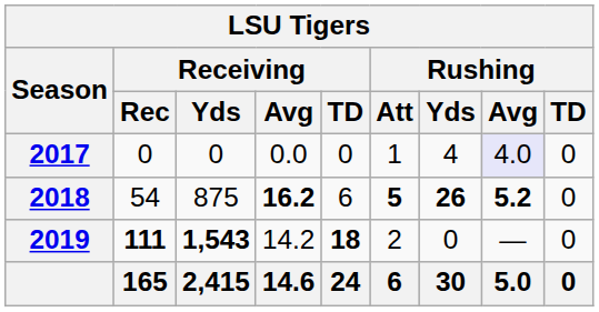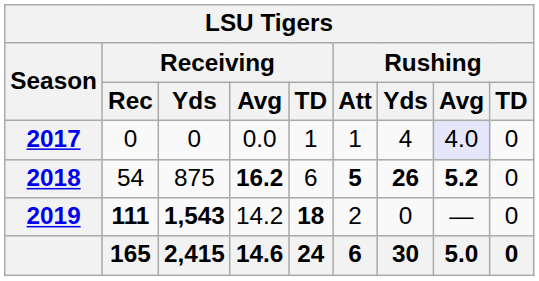 <table class="wikitable" style="text-align:center;">
 <tr>
 <th colspan="11">LSU Tigers</th>
 </tr>
 <tr>
 <th rowspan="2">Season</th>
 <th colspan="4">Receiving</th>
 <th colspan="4">Rushing</th>
 </tr>
 <tr>
 <th>Rec</th>
 <th>Yds</th>
 <th>Avg</th>
 <th>TD</th>
 <th>Att</th>
 <th>Yds</th>
 <th>Avg</th>
 <th>TD</th>
 </tr>
 <tr>
 <th><a href='#'>2017</a></th>
 <td>0</td>
 <td>0</td>
 <td>0.0</td>
-<td>0</td>
+<td>1</td>
 <td>1</td>
 <td>4</td>
 <td style="background: lavender;">4.0</td>
 <td>0</td>
 </tr>
 <tr>
 <th><a href='#'>2018</a></th>
 <td>54</td>
 <td>875</td>
 <td><strong>16.2</strong></td>
 <td>6</td>
 <td><strong>5</strong></td>
 <td><strong>26</strong></td>
 <td><strong>5.2</strong></td>
 <td>0</td>
 </tr>
 <tr>
 <th><a href='#'>2019</a></th>
 <td><strong>111</strong></td>
 <td><strong>1,543</strong></td>
 <td>14.2</td>
 <td><strong>18</strong></td>
 <td>2</td>
 <td>0</td>
 <td>—</td>
 <td>0</td>
 </tr>
 <tr>
 <th></th>
 <th>165</th>
 <th>2,415</th>
 <th>14.6</th>
 <th>24</th>
 <th>6</th>
 <th>30</th>
 <th>5.0</th>
 <th>0</th>
 </tr>
 </table>
